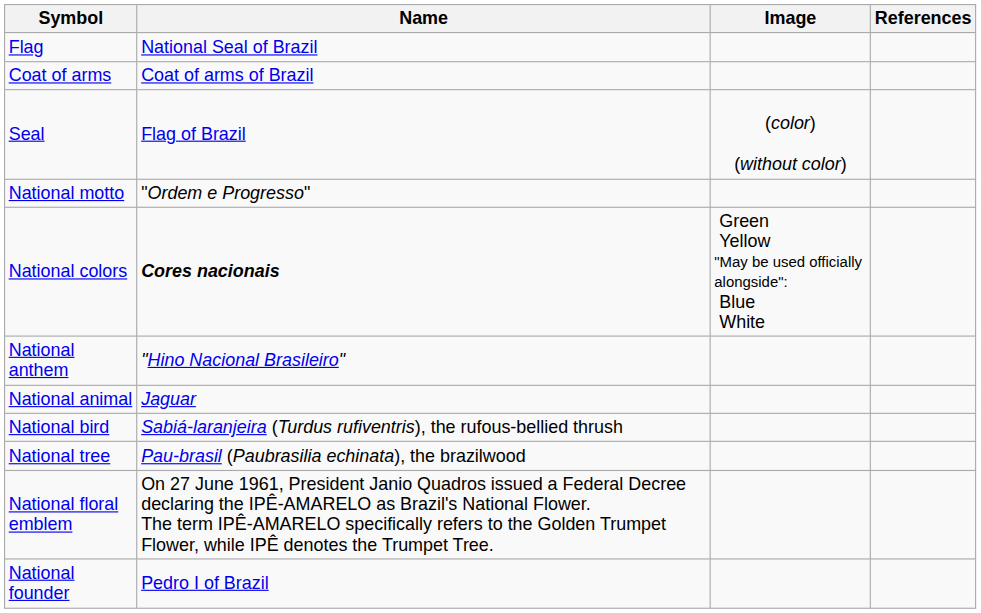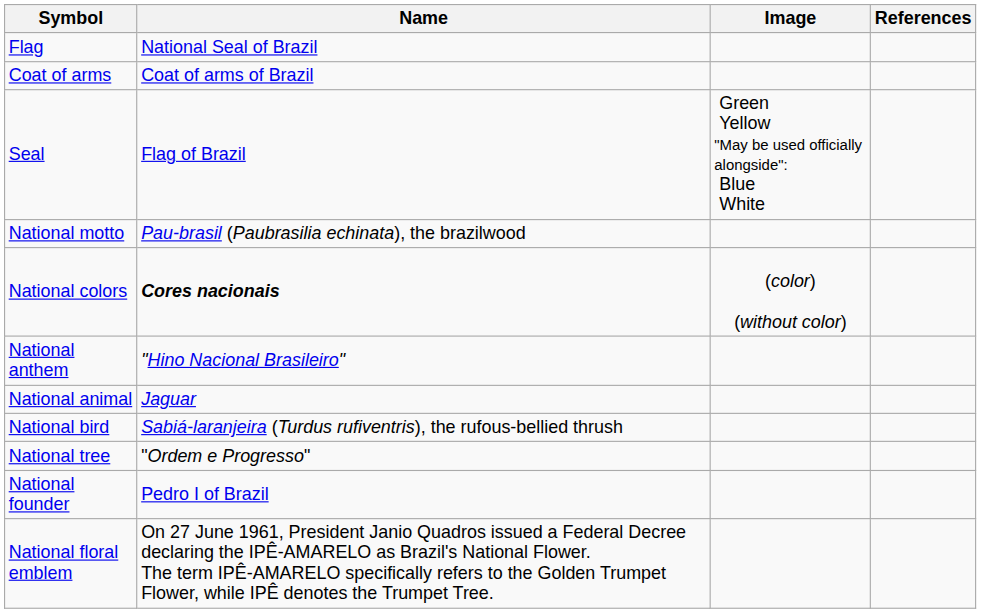 <table class="wikitable">
 <tr>
 <th>Symbol</th>
 <th>Name</th>
 <th>Image</th>
 <th>References</th>
 </tr>
 <tr>
 <td><a href='#'>Flag</a></td>
 <td><a href='#'>National Seal of Brazil</a></td>
 <td align="center"></td>
 <td></td>
 </tr>
 <tr>
 <td><a href='#'>Coat of arms</a></td>
 <td><a href='#'>Coat of arms of Brazil</a></td>
 <td align="center"></td>
 <td></td>
 </tr>
 <tr>
 <td><a href='#'>Seal</a></td>
 <td><a href='#'>Flag of Brazil</a></td>
-<td align="center"><br>(<em>color</em>)<br><br>(<em>without color</em>)</td>
+<td> Green<br> Yellow<br><small>"May be used officially alongside":</small><br> Blue<br> White </td>
 <td></td>
 </tr>
 <tr>
 <td><a href='#'>National motto</a></td>
-<td>"<em>Ordem e Progresso</em>" </td>
+<td><em><a href='#'>Pau-brasil</a></em> (<em>Paubrasilia echinata</em>), the brazilwood</td>
 <td></td>
 <td></td>
 </tr>
 <tr>
 <td><a href='#'>National colors</a></td>
 <td><strong><em>Cores nacionais</em></strong></td>
-<td> Green<br> Yellow<br><small>"May be used officially alongside":</small><br> Blue<br> White </td>
+<td align="center"><br>(<em>color</em>)<br><br>(<em>without color</em>)</td>
 <td></td>
 </tr>
 <tr>
 <td><a href='#'>National anthem</a></td>
 <td><em>"<a href='#'>Hino Nacional Brasileiro</a>"</em>  </td>
 <td align="center"></td>
 <td></td>
 </tr>
 <tr>
 <td><a href='#'>National animal</a></td>
 <td><em><a href='#'>Jaguar</a></em></td>
 <td align="center"></td>
 </tr>
 <tr>
 <td><a href='#'>National bird</a></td>
 <td><a href='#'><em>Sabiá-laranjeira</em></a> (<em>Turdus rufiventris</em>), the rufous-bellied thrush</td>
 <td align="center"></td>
 <td></td>
 </tr>
 <tr>
 <td><a href='#'>National tree</a></td>
-<td><em><a href='#'>Pau-brasil</a></em> (<em>Paubrasilia echinata</em>), the brazilwood</td>
+<td>"<em>Ordem e Progresso</em>" </td>
+<td align="center"></td>
+<td></td>
+</tr>
+<tr>
+<td><a href='#'>National founder</a></td>
+<td><a href='#'>Pedro I of Brazil</a></td>
 <td align="center"></td>
 <td></td>
 </tr>
 <tr>
 <td><a href='#'>National floral emblem</a></td>
 <td>On 27 June 1961, President Janio Quadros issued a Federal Decree declaring the IPÊ-AMARELO as Brazil's National Flower.<br>The term IPÊ-AMARELO specifically refers to the Golden Trumpet Flower, while IPÊ denotes the Trumpet Tree. </td>
 <td align="center"></td>
 <td></td>
 </tr>
-<tr>
-<td><a href='#'>National founder</a></td>
-<td><a href='#'>Pedro I of Brazil</a></td>
-<td align="center"></td>
-<td></td>
-</tr>
 </table>
